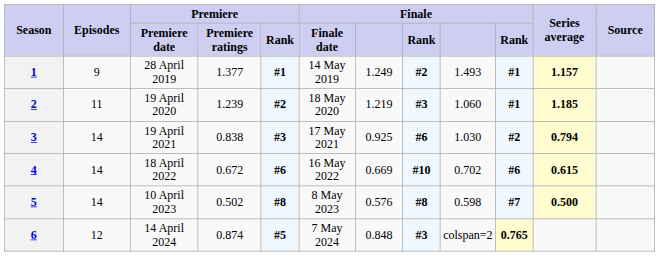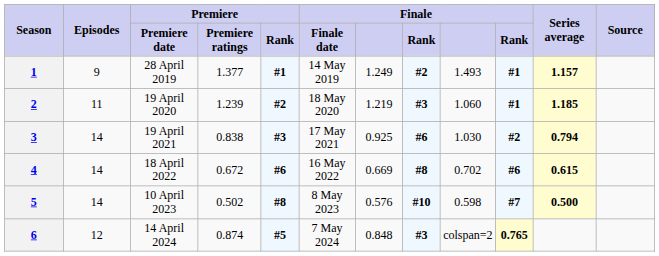 <table class="wikitable plainrowheaders" style="text-align:center;">
 <tr style="background:#DCDCDC;">
 <th rowspan="2" scope="col" scope="col" style="width:3%; width:10em; background:#cecef2; color:black;">Season</th>
 <th rowspan="2" scope="col" scope="col" style="width:3%; width:10em; background:#cecef2; color:black;">Episodes</th>
 <th colspan="3" scope="col" scope="col" style="width:10em; background:#cecef2; color:black;">Premiere</th>
 <th colspan="5" scope="col" scope="col" style="width:10em; background:#cecef2; color:black;">Finale</th>
 <th rowspan="2" scope="col" scope="col" style="width:5%; width:10em; background:#cecef2; color:black;">Series average</th>
 <th rowspan="2" scope="col" scope="col" style="width:5%; width:10em; background:#cecef2; color:black;">Source</th>
 </tr>
 <tr>
 <th scope="col" scope="col" style="width:10em; background:#cecef2; color:black;">Premiere date</th>
 <th scope="col" scope="col" style="width:8em; background:#cecef2; color:black;">Premiere<br>ratings</th>
 <th scope="col" scope="col" style="width:4em; background:#cecef2; color:black;">Rank</th>
 <th scope="col" scope="col" style="width:10em; background:#cecef2; color:black;">Finale date</th>
 <th scope="col" scope="col" style="width:8em; background:#cecef2; color:black;"><strong></strong><br><em><small></small></em></th>
 <th scope="col" scope="col" style="width:4em; background:#cecef2; color:black;">Rank</th>
 <th scope="col" scope="col" style="background:#CECEF2; color:black;"><strong></strong><br><em><small></small></em></th>
 <th scope="col" scope="col" style="width:4em; background:#cecef2; color:black;">Rank</th>
 </tr>
 <tr>
 <th scope="row" style="background:#white;"><a href='#'><strong>1</strong></a></th>
 <td>9</td>
 <td>28 April 2019</td>
 <td>1.377</td>
 <td style="background:#F0F8FF"><strong>#1</strong></td>
 <td>14 May 2019</td>
 <td>1.249</td>
 <td style="background:#F0F8FF"><strong>#2</strong></td>
 <td>1.493</td>
 <td style="background:#F0F8FF"><strong>#1</strong></td>
 <th style="background:#FFFDD0">1.157</th>
 <td></td>
 </tr>
 <tr>
 <th scope="row" style="background:#white;"><a href='#'><strong>2</strong></a></th>
 <td>11</td>
 <td>19 April 2020</td>
 <td>1.239</td>
 <td style="background:#F0F8FF"><strong>#2</strong></td>
 <td>18 May 2020</td>
 <td>1.219</td>
 <td style="background:#F0F8FF"><strong>#3</strong></td>
 <td>1.060</td>
 <td style="background:#F0F8FF"><strong>#1</strong></td>
 <th style="background:#FFFDD0">1.185</th>
 <td></td>
 </tr>
 <tr>
 <th scope="row" style="background:#white;"><a href='#'><strong>3</strong></a></th>
 <td>14</td>
 <td>19 April 2021</td>
 <td>0.838</td>
 <td style="background:#F0F8FF"><strong>#3</strong></td>
 <td>17 May 2021</td>
 <td>0.925</td>
 <td style="background:#F0F8FF"><strong>#6</strong></td>
 <td>1.030</td>
 <td style="background:#F0F8FF"><strong>#2</strong></td>
 <th style="background:#FFFDD0">0.794</th>
 <td></td>
 </tr>
 <tr>
 <th scope="row" style="background:#white;"><a href='#'><strong>4</strong></a></th>
 <td>14</td>
 <td>18 April 2022</td>
 <td>0.672</td>
 <td style="background:#F0F8FF"><strong>#6</strong></td>
 <td>16 May 2022</td>
 <td>0.669</td>
-<td style="background:#F0F8FF"><strong>#10</strong></td>
+<td style="background:#F0F8FF"><strong>#8</strong></td>
 <td>0.702</td>
 <td style="background:#F0F8FF"><strong>#6</strong></td>
 <th style="background:#FFFDD0">0.615</th>
 <td></td>
 </tr>
 <tr>
 <th scope="row" style="background:#white;"><a href='#'><strong>5</strong></a></th>
 <td>14</td>
 <td>10 April 2023</td>
 <td>0.502</td>
 <td style="background:#F0F8FF"><strong>#8</strong></td>
 <td>8 May 2023</td>
 <td>0.576</td>
-<td style="background:#F0F8FF"><strong>#8</strong></td>
+<td style="background:#F0F8FF"><strong>#10</strong></td>
 <td>0.598</td>
 <td style="background:#F0F8FF"><strong>#7</strong></td>
 <th style="background:#FFFDD0">0.500</th>
 <td></td>
 </tr>
 <tr>
 <th scope="row" style="background:#white;"><a href='#'><strong>6</strong></a></th>
 <td>12</td>
 <td>14 April 2024</td>
 <td>0.874</td>
 <td style="background:#F0F8FF"><strong>#5</strong></td>
 <td>7 May 2024</td>
 <td>0.848</td>
 <td style="background:#F0F8FF"><strong>#3</strong></td>
 <td>colspan=2 </td>
 <th style="background:#FFFDD0">0.765</th>
 <td></td>
 </tr>
 </table>
